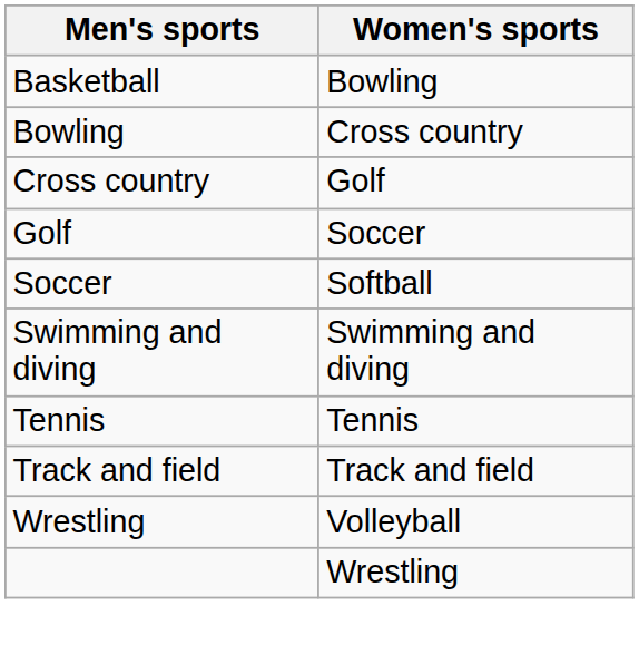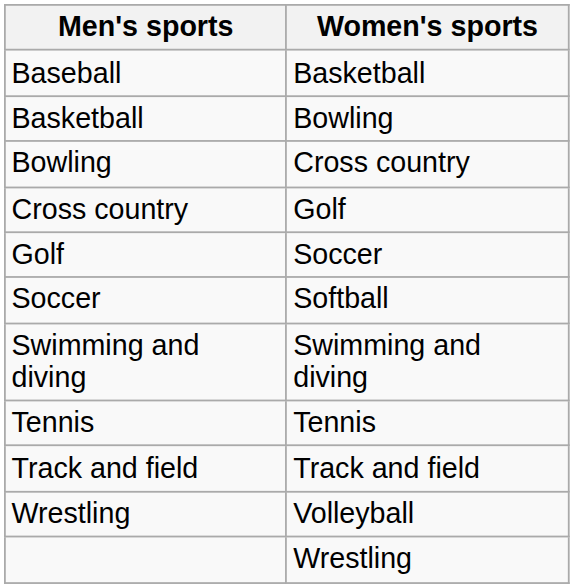 <table class="wikitable"; style= "text-align: ">
 <tr>
 <th width=150px>Men's sports</th>
 <th width=150px>Women's sports</th>
+</tr>
+<tr>
+<td>Baseball</td>
+<td>Basketball</td>
 </tr>
 <tr>
 <td>Basketball</td>
 <td>Bowling</td>
 </tr>
 <tr>
 <td>Bowling</td>
 <td>Cross country</td>
 </tr>
 <tr>
 <td>Cross country</td>
 <td>Golf</td>
 </tr>
 <tr>
 <td>Golf</td>
 <td>Soccer</td>
 </tr>
 <tr>
 <td>Soccer</td>
 <td>Softball</td>
 </tr>
 <tr>
 <td>Swimming and diving</td>
 <td>Swimming and diving</td>
 </tr>
 <tr>
 <td>Tennis</td>
 <td>Tennis</td>
 </tr>
 <tr>
 <td>Track and field</td>
 <td>Track and field</td>
 </tr>
 <tr>
 <td>Wrestling</td>
 <td>Volleyball</td>
 </tr>
 <tr>
 <td></td>
 <td>Wrestling</td>
 </tr>
 </table>
